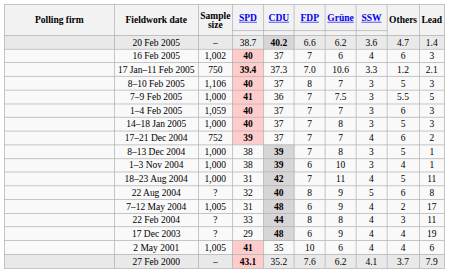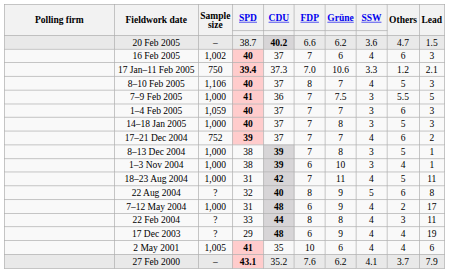 <table class="wikitable sortable" style="text-align:center;font-size:90%;line-height:14px;">
 <tr style="height:40px;">
 <th style="width:160px;" rowspan="2">Polling firm</th>
 <th style="width:120px;" rowspan="2">Fieldwork date</th>
 <th style="width:35px;" rowspan="2">Sample<br>size</th>
 <th class="unsortable" style="width:40px;"><a href='#'>SPD</a></th>
 <th class="unsortable" style="width:40px;"><a href='#'>CDU</a></th>
 <th class="unsortable" style="width:40px;"><a href='#'>FDP</a></th>
 <th class="unsortable" style="width:40px;"><a href='#'>Grüne</a></th>
 <th class="unsortable" style="width:40px;"><a href='#'>SSW</a></th>
 <th class="unsortable" style="width:40px;" rowspan="2">Others</th>
 <th style="width:30px;" rowspan="2">Lead</th>
 </tr>
 <tr>
 <th style="background:"></th>
 <th style="background:"></th>
 <th style="background:"></th>
 <th style="background:"></th>
 <th style="background:"></th>
 </tr>
 <tr style="background:#E9E9E9;">
 <td></td>
 <td data-sort-value="2005-02-20">20 Feb 2005</td>
 <td>–</td>
 <td>38.7</td>
 <td style="background:#D7D5D7;"><strong>40.2</strong></td>
 <td>6.6</td>
 <td>6.2</td>
 <td>3.6</td>
 <td>4.7</td>
-<td style="background:">1.4</td>
+<td style="background:">1.5</td>
 </tr>
 <tr>
 <td></td>
 <td data-sort-value="2005-02-16">16 Feb 2005</td>
 <td>1,002</td>
 <td style="background:#FFCCCC;"><strong>40</strong></td>
 <td>37</td>
 <td>7</td>
 <td>6</td>
 <td>4</td>
 <td>6</td>
 <td style="background:">3</td>
 </tr>
 <tr>
 <td></td>
 <td data-sort-value="2005-02-15">17 Jan–11 Feb 2005</td>
 <td>750</td>
 <td style="background:#FFCCCC;"><strong>39.4</strong></td>
 <td>37.3</td>
 <td>7.0</td>
 <td>10.6</td>
 <td>3.3</td>
 <td>1.2</td>
 <td style="background:">2.1</td>
 </tr>
 <tr>
 <td></td>
 <td data-sort-value="2005-02-11">8–10 Feb 2005</td>
 <td>1,106</td>
 <td style="background:#FFCCCC;"><strong>40</strong></td>
 <td>37</td>
 <td>8</td>
 <td>7</td>
-<td>3</td>
+<td>4</td>
 <td>5</td>
 <td style="background:">3</td>
 </tr>
 <tr>
 <td></td>
 <td data-sort-value="2005-02-10">7–9 Feb 2005</td>
 <td>1,000</td>
 <td style="background:#FFCCCC;"><strong>41</strong></td>
 <td>36</td>
 <td>7</td>
 <td>7.5</td>
 <td>3</td>
 <td>5.5</td>
 <td style="background:">5</td>
 </tr>
 <tr>
 <td></td>
 <td data-sort-value="2005-02-08">1–4 Feb 2005</td>
 <td>1,059</td>
 <td style="background:#FFCCCC;"><strong>40</strong></td>
 <td>37</td>
 <td>7</td>
 <td>7</td>
 <td>3</td>
 <td>6</td>
 <td style="background:">3</td>
 </tr>
 <tr>
 <td></td>
 <td data-sort-value="2005-01-21">14–18 Jan 2005</td>
 <td>1,000</td>
 <td style="background:#FFCCCC;"><strong>40</strong></td>
 <td>37</td>
 <td>7</td>
 <td>8</td>
 <td>3</td>
 <td>5</td>
 <td style="background:">3</td>
 </tr>
 <tr>
 <td></td>
 <td data-sort-value="2004-12-23">17–21 Dec 2004</td>
 <td>752</td>
 <td style="background:#FFCCCC;"><strong>39</strong></td>
 <td>37</td>
 <td>7</td>
 <td>7</td>
 <td>4</td>
 <td>6</td>
 <td style="background:">2</td>
 </tr>
 <tr>
 <td></td>
 <td data-sort-value="2004-12-15">8–13 Dec 2004</td>
 <td>1,000</td>
 <td>38</td>
 <td style="background:#D7D5D7;"><strong>39</strong></td>
 <td>7</td>
 <td>8</td>
 <td>3</td>
 <td>5</td>
 <td style="background:">1</td>
 </tr>
 <tr>
 <td></td>
 <td data-sort-value="2004-11-05">1–3 Nov 2004</td>
 <td>1,000</td>
 <td>38</td>
 <td style="background:#D7D5D7;"><strong>39</strong></td>
 <td>6</td>
 <td>10</td>
 <td>3</td>
 <td>4</td>
 <td style="background:">1</td>
 </tr>
 <tr>
 <td></td>
 <td data-sort-value="2004-08-26">18–23 Aug 2004</td>
 <td>1,000</td>
 <td>31</td>
 <td style="background:#D7D5D7;"><strong>42</strong></td>
 <td>7</td>
 <td>11</td>
 <td>4</td>
 <td>5</td>
 <td style="background:">11</td>
 </tr>
 <tr>
 <td></td>
 <td data-sort-value="2004-08-22">22 Aug 2004</td>
 <td>?</td>
 <td>32</td>
 <td style="background:#D7D5D7;"><strong>40</strong></td>
 <td>8</td>
 <td>9</td>
 <td>5</td>
 <td>6</td>
 <td style="background:">8</td>
 </tr>
 <tr>
 <td></td>
 <td data-sort-value="2004-05-28">7–12 May 2004</td>
-<td>1,005</td>
+<td>1,000</td>
 <td>31</td>
 <td style="background:#D7D5D7;"><strong>48</strong></td>
 <td>6</td>
 <td>9</td>
 <td>4</td>
 <td>2</td>
 <td style="background:">17</td>
 </tr>
 <tr>
 <td></td>
 <td data-sort-value="2004-02-22">22 Feb 2004</td>
 <td>?</td>
 <td>33</td>
 <td style="background:#D7D5D7;"><strong>44</strong></td>
 <td>8</td>
 <td>8</td>
 <td>4</td>
 <td>3</td>
 <td style="background:">11</td>
 </tr>
 <tr>
 <td></td>
 <td data-sort-value="2003-12-17">17 Dec 2003</td>
 <td>?</td>
 <td>29</td>
 <td style="background:#D7D5D7;"><strong>48</strong></td>
 <td>6</td>
 <td>9</td>
 <td>4</td>
 <td>4</td>
 <td style="background:">19</td>
 </tr>
 <tr>
 <td></td>
 <td data-sort-value="2001-05-02">2 May 2001</td>
 <td>1,005</td>
 <td style="background:#FFCCCC;"><strong>41</strong></td>
 <td>35</td>
 <td>10</td>
 <td>6</td>
 <td>4</td>
 <td>4</td>
 <td style="background:">6</td>
 </tr>
 <tr style="background:#E9E9E9;">
 <td></td>
 <td data-sort-value="2000-02-27">27 Feb 2000</td>
 <td>–</td>
 <td style="background:#FFCCCC;"><strong>43.1</strong></td>
 <td>35.2</td>
 <td>7.6</td>
 <td>6.2</td>
 <td>4.1</td>
 <td>3.7</td>
 <td style="background:">7.9</td>
 </tr>
 </table>
